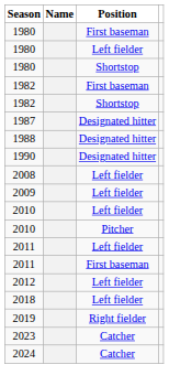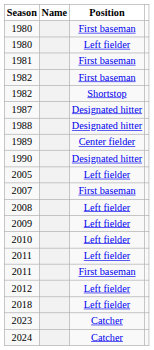 <table class="wikitable sortable plainrowheaders" style="text-align:center">
 <tr>
 <th scope="col" style="background-color:#ffffff; border-top:#">Season</th>
 <th scope="col" style="background-color:#ffffff; border-top:#">Name</th>
 <th scope="col" style="background-color:#ffffff; border-top:#">Position</th>
 <th scope="col" class="unsortable" style="background-color:#ffffff; border-top:#"></th>
 </tr>
 <tr>
 <td>1980</td>
 <th scope="row" style="text-align:center"> </th>
 <td><a href='#'>First baseman</a></td>
 <td></td>
 </tr>
 <tr>
 <td>1980</td>
 <th scope="row" style="text-align:center"></th>
 <td><a href='#'>Left fielder</a></td>
 <td></td>
 </tr>
 <tr>
-<td>1980</td>
+<td>1981</td>
 <th scope="row" style="text-align:center"> </th>
-<td><a href='#'>Shortstop</a></td>
+<td><a href='#'>First baseman</a></td>
 <td></td>
 </tr>
 <tr>
 <td>1982</td>
 <th scope="row" style="text-align:center"> </th>
 <td><a href='#'>First baseman</a></td>
 <td></td>
 </tr>
 <tr>
 <td>1982</td>
 <th scope="row" style="text-align:center"> </th>
 <td><a href='#'>Shortstop</a></td>
 <td></td>
 </tr>
 <tr>
 <td>1987</td>
 <th scope="row" style="text-align:center"> </th>
 <td><a href='#'>Designated hitter</a></td>
 <td></td>
 </tr>
 <tr>
 <td>1988</td>
 <th scope="row" style="text-align:center"> </th>
 <td><a href='#'>Designated hitter</a></td>
 <td></td>
 </tr>
 <tr>
+<td>1989</td>
+<th scope="row" style="text-align:center"> </th>
+<td><a href='#'>Center fielder</a></td>
+<td></td>
+</tr>
+<tr>
 <td>1990</td>
 <th scope="row" style="text-align:center"></th>
 <td><a href='#'>Designated hitter</a></td>
+<td></td>
+</tr>
+<tr>
+<td>2005</td>
+<th scope="row" style="text-align:center"></th>
+<td><a href='#'>Left fielder</a></td>
+<td></td>
+</tr>
+<tr>
+<td>2007</td>
+<th scope="row" style="text-align:center"> </th>
+<td><a href='#'>First baseman</a></td>
 <td></td>
 </tr>
 <tr>
 <td>2008</td>
 <th scope="row" style="text-align:center"> </th>
 <td><a href='#'>Left fielder</a></td>
 <td></td>
 </tr>
 <tr>
 <td>2009</td>
 <th scope="row" style="text-align:center"> </th>
 <td><a href='#'>Left fielder</a></td>
 <td></td>
 </tr>
 <tr>
 <td>2010</td>
 <th scope="row" style="text-align:center"> </th>
 <td><a href='#'>Left fielder</a></td>
-<td></td>
-</tr>
-<tr>
-<td>2010</td>
-<th scope="row" style="text-align:center"></th>
-<td><a href='#'>Pitcher</a></td>
 <td></td>
 </tr>
 <tr>
 <td>2011</td>
 <th scope="row" style="text-align:center"> </th>
 <td><a href='#'>Left fielder</a></td>
 <td></td>
 </tr>
 <tr>
 <td>2011</td>
 <th scope="row" style="text-align:center"> </th>
 <td><a href='#'>First baseman</a></td>
 <td></td>
 </tr>
 <tr>
 <td>2012</td>
 <th scope="row" style="text-align:center"> </th>
 <td><a href='#'>Left fielder</a></td>
 <td></td>
 </tr>
 <tr>
 <td>2018</td>
 <th scope="row" style="text-align:center"> </th>
 <td><a href='#'>Left fielder</a></td>
 <td></td>
 </tr>
 <tr>
-<td>2019</td>
-<th scope="row" style="text-align:center"> </th>
-<td><a href='#'>Right fielder</a></td>
-<td></td>
-</tr>
-<tr>
 <td>2023</td>
 <th scope="row" style="text-align:center"></th>
 <td><a href='#'>Catcher</a></td>
 <td></td>
 </tr>
 <tr>
 <td>2024</td>
 <th scope="row" style="text-align:center"></th>
 <td><a href='#'>Catcher</a></td>
 <td></td>
 </tr>
 </table>
